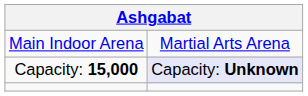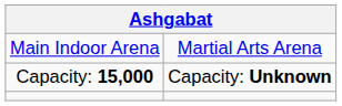 <table class="wikitable" style="margin:1em auto; text-align:center">
 <tr>
 <th colspan=3><a href='#'>Ashgabat</a></th>
 </tr>
 <tr>
 <td><a href='#'>Main Indoor Arena</a></td>
 <td><a href='#'>Martial Arts Arena</a></td>
 </tr>
 <tr>
 <td>Capacity: <strong>15,000</strong></td>
-<td style="background: lavender;">Capacity: <strong>Unknown</strong></td>
+<td>Capacity: <strong>Unknown</strong></td>
 </tr>
 <tr>
 <td></td>
 <td></td>
 </tr>
 </table>
